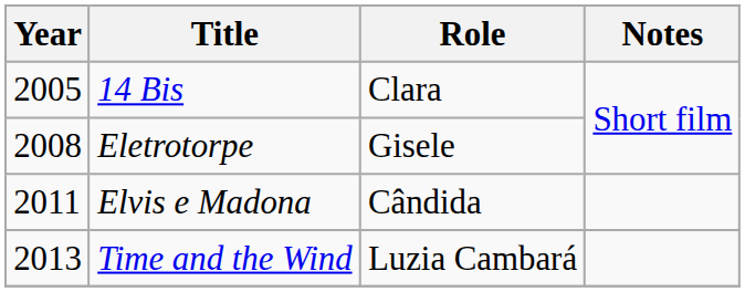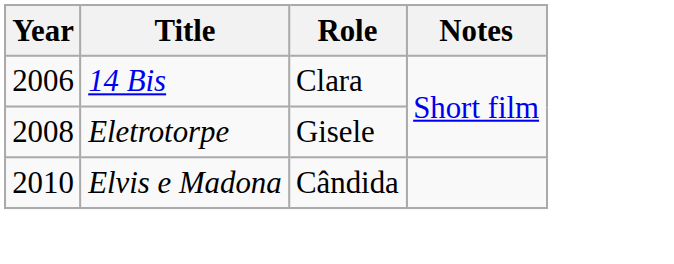 <table class="wikitable" style="font-size: 95%;">
 <tr>
 <th>Year</th>
 <th>Title</th>
 <th>Role</th>
 <th>Notes</th>
 </tr>
 <tr>
-<td>2005</td>
+<td>2006</td>
 <td><em><a href='#'>14 Bis</a></em></td>
 <td>Clara</td>
 <td rowspan="2:"><a href='#'>Short film</a></td>
 </tr>
 <tr>
 <td>2008</td>
 <td><em>Eletrotorpe</em></td>
 <td>Gisele</td>
 </tr>
 <tr>
-<td>2011</td>
+<td>2010</td>
 <td><em>Elvis e Madona</em></td>
 <td>Cândida</td>
 <td></td>
 </tr>
 <tr>
-<td>2013</td>
-<td><em><a href='#'>Time and the Wind</a></em></td>
-<td>Luzia Cambará</td>
-<td></td>
-</tr>
-<tr>
 </tr>
 </table>
